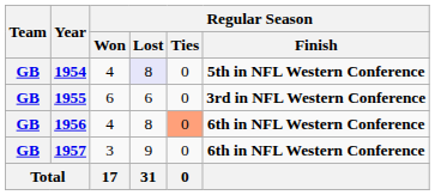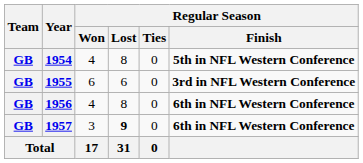 <table class="wikitable" style="font-size: 95%; text-align:center;">
 <tr>
 <th rowspan="2">Team</th>
 <th rowspan="2">Year</th>
 <th colspan="5">Regular Season</th>
 </tr>
 <tr>
 <th>Won</th>
 <th>Lost</th>
 <th>Ties</th>
 <th>Finish</th>
 </tr>
 <tr>
 <th><a href='#'>GB</a></th>
 <th><a href='#'>1954</a></th>
 <td>4</td>
-<td style="background: lavender;">8</td>
+<td>8</td>
 <td>0</td>
 <td><strong>5th in NFL Western Conference</strong></td>
 </tr>
 <tr>
 <th><a href='#'>GB</a></th>
 <th><a href='#'>1955</a></th>
 <td>6</td>
 <td>6</td>
 <td>0</td>
 <td><strong>3rd in NFL Western Conference</strong></td>
 </tr>
 <tr>
 <th><a href='#'>GB</a></th>
 <th><a href='#'>1956</a></th>
 <td>4</td>
 <td>8</td>
-<td style="background: lightsalmon;">0</td>
+<td>0</td>
 <td><strong>6th in NFL Western Conference</strong></td>
 </tr>
 <tr>
 <th><a href='#'>GB</a></th>
 <th><a href='#'>1957</a></th>
 <td>3</td>
-<td>9</td>
+<td><strong>9</strong></td>
 <td>0</td>
 <td><strong>6th in NFL Western Conference</strong></td>
 </tr>
 <tr>
 <th colspan="2">Total</th>
 <th>17</th>
 <th>31</th>
 <th>0</th>
 <th></th>
 </tr>
 </table>
